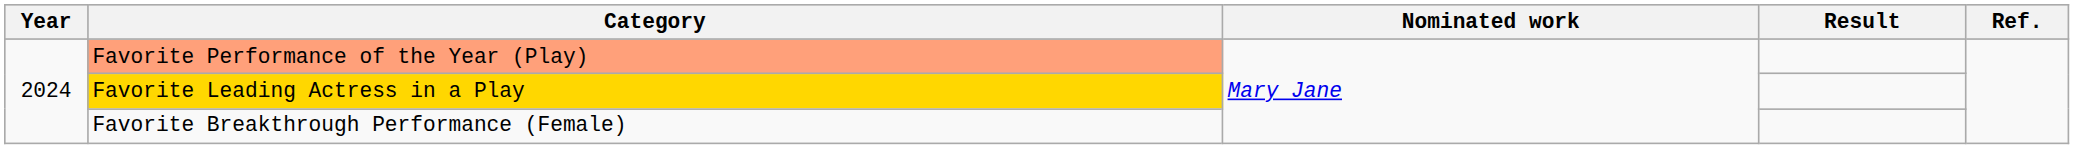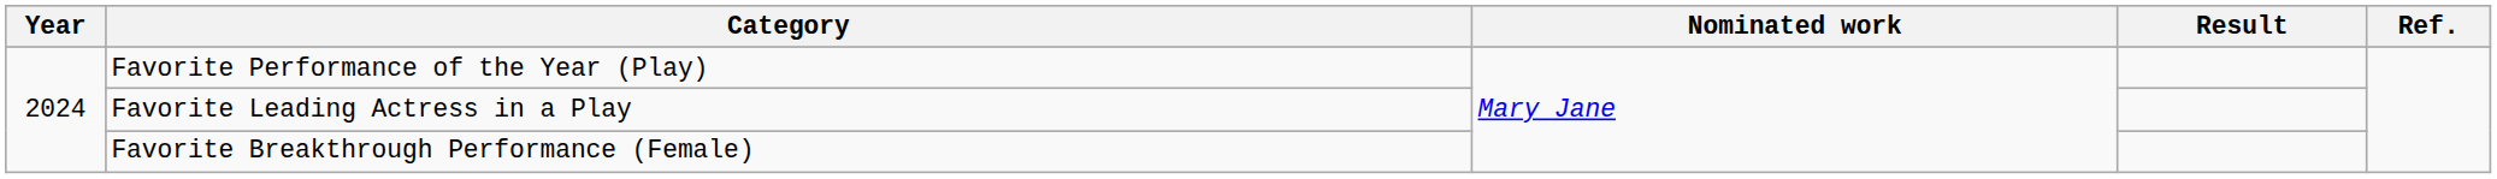 <table class="wikitable" style="width:80%;">
 <tr>
 <th style="width:4%;">Year</th>
 <th style="width:55%;">Category</th>
 <th style="width:26%;">Nominated work</th>
 <th style="width:10%;">Result</th>
 <th width=5%>Ref.</th>
 </tr>
 <tr>
 <td align="center" rowspan=3>2024</td>
-<td style="background: lightsalmon;">Favorite Performance of the Year (Play)</td>
+<td>Favorite Performance of the Year (Play)</td>
 <td rowspan=3><em><a href='#'>Mary Jane</a></em></td>
 <td></td>
 </tr>
 <tr>
-<td style="background: gold;">Favorite Leading Actress in a Play</td>
+<td>Favorite Leading Actress in a Play</td>
 <td></td>
 </tr>
 <tr>
 <td>Favorite Breakthrough Performance (Female)</td>
 <td></td>
 </tr>
 </table>
